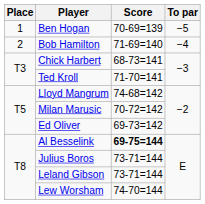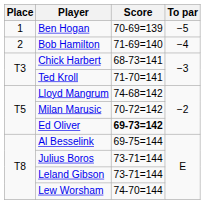 <table class="wikitable">
 <tr>
 <th>Place</th>
 <th>Player</th>
 <th>Score</th>
 <th>To par</th>
 </tr>
 <tr>
 <td align=center>1</td>
 <td> <a href='#'>Ben Hogan</a></td>
 <td>70-69=139</td>
 <td align=center>−5</td>
 </tr>
 <tr>
 <td align=center>2</td>
 <td> <a href='#'>Bob Hamilton</a></td>
 <td>71-69=140</td>
 <td align=center>−4</td>
 </tr>
 <tr>
 <td rowspan=2 align=center>T3</td>
 <td> <a href='#'>Chick Harbert</a></td>
 <td>68-73=141</td>
 <td rowspan=2 align=center>−3</td>
 </tr>
 <tr>
 <td> <a href='#'>Ted Kroll</a></td>
 <td>71-70=141</td>
 </tr>
 <tr>
 <td rowspan=3 align=center>T5</td>
 <td> <a href='#'>Lloyd Mangrum</a></td>
 <td>74-68=142</td>
 <td rowspan=3 align=center>−2</td>
 </tr>
 <tr>
 <td> <a href='#'>Milan Marusic</a></td>
 <td>70-72=142</td>
 </tr>
 <tr>
 <td> <a href='#'>Ed Oliver</a></td>
-<td>69-73=142</td>
+<td><strong>69-73=142</strong></td>
 </tr>
 <tr>
 <td rowspan=4 align="center">T8</td>
 <td> <a href='#'>Al Besselink</a></td>
-<td><strong>69-75=144</strong></td>
+<td>69-75=144</td>
 <td rowspan=4 align="center">E</td>
 </tr>
 <tr>
 <td> <a href='#'>Julius Boros</a></td>
 <td>73-71=144</td>
 </tr>
 <tr>
 <td> <a href='#'>Leland Gibson</a></td>
 <td>73-71=144</td>
 </tr>
 <tr>
 <td> <a href='#'>Lew Worsham</a></td>
 <td>74-70=144</td>
 </tr>
 </table>
